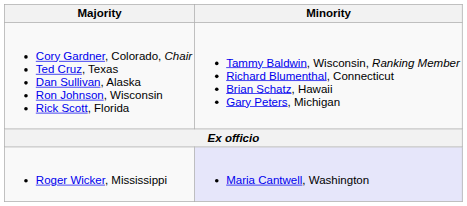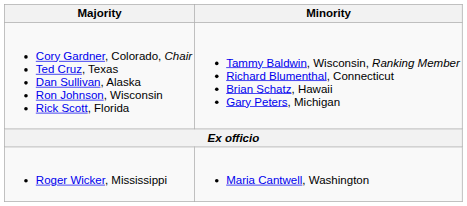 <table class=wikitable>
 <tr>
 <th>Majority</th>
 <th>Minority</th>
 </tr>
 <tr>
 <td><br><ul><li><a href='#'>Cory Gardner</a>, Colorado, <em>Chair</em></li><li><a href='#'>Ted Cruz</a>, Texas</li><li><a href='#'>Dan Sullivan</a>, Alaska</li><li><a href='#'>Ron Johnson</a>, Wisconsin</li><li><a href='#'>Rick Scott</a>, Florida</li></ul></td>
 <td><br><ul><li><a href='#'>Tammy Baldwin</a>, Wisconsin, <em>Ranking Member</em></li><li><a href='#'>Richard Blumenthal</a>, Connecticut</li><li><a href='#'>Brian Schatz</a>, Hawaii</li><li><a href='#'>Gary Peters</a>, Michigan</li></ul></td>
 </tr>
 <tr>
 <th colspan=2><em>Ex officio</em></th>
 </tr>
 <tr>
 <td><br><ul><li><a href='#'>Roger Wicker</a>, Mississippi</li></ul></td>
-<td style="background: lavender;"><br><ul><li><a href='#'>Maria Cantwell</a>, Washington</li></ul></td>
+<td><br><ul><li><a href='#'>Maria Cantwell</a>, Washington</li></ul></td>
 </tr>
 </table>
